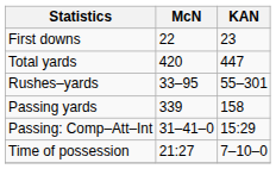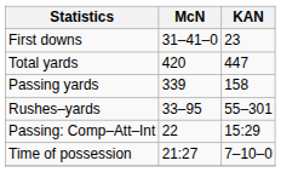 <table class="wikitable" style="float: left;">
 <tr>
 <th>Statistics</th>
 <th>McN</th>
 <th>KAN</th>
 </tr>
 <tr>
 <td>First downs</td>
-<td>22</td>
+<td>31–41–0</td>
 <td>23</td>
 </tr>
 <tr>
 <td>Total yards</td>
 <td>420</td>
 <td>447</td>
 </tr>
 <tr>
+<td>Passing yards</td>
+<td>339</td>
+<td>158</td>
+</tr>
+<tr>
 <td>Rushes–yards</td>
 <td>33–95</td>
 <td>55–301</td>
 </tr>
 <tr>
-<td>Passing yards</td>
-<td>339</td>
-<td>158</td>
-</tr>
-<tr>
 <td>Passing: Comp–Att–Int</td>
-<td>31–41–0</td>
+<td>22</td>
 <td>15:29</td>
 </tr>
 <tr>
 <td>Time of possession</td>
 <td>21:27</td>
 <td>7–10–0</td>
 </tr>
 <tr>
 </tr>
 </table>
